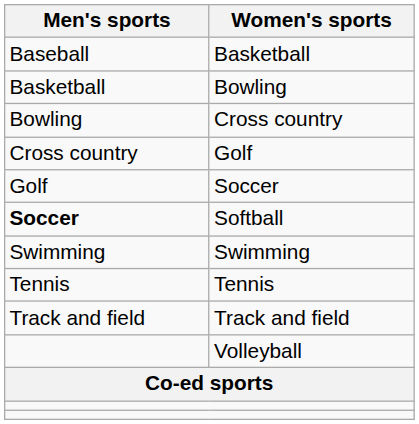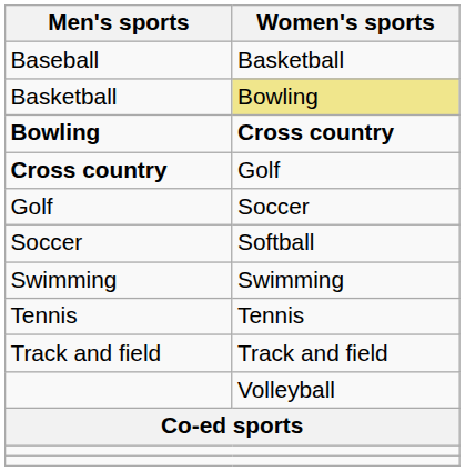 <table class="wikitable"; style= "text-align: ">
 <tr>
 <th width=150px>Men's sports</th>
 <th width=150px>Women's sports</th>
 </tr>
 <tr>
 <td>Baseball</td>
 <td>Basketball</td>
 </tr>
 <tr>
 <td>Basketball</td>
-<td>Bowling</td>
+<td style="background: khaki;">Bowling</td>
 </tr>
 <tr>
-<td>Bowling</td>
-<td>Cross country</td>
+<td><strong>Bowling</strong></td>
+<td><strong>Cross country</strong></td>
 </tr>
 <tr>
-<td>Cross country</td>
+<td><strong>Cross country</strong></td>
 <td>Golf</td>
 </tr>
 <tr>
 <td>Golf</td>
 <td>Soccer</td>
 </tr>
 <tr>
-<td><strong>Soccer</strong></td>
+<td>Soccer</td>
 <td>Softball</td>
 </tr>
 <tr>
 <td>Swimming</td>
 <td>Swimming</td>
 </tr>
 <tr>
 <td>Tennis</td>
 <td>Tennis</td>
 </tr>
 <tr>
 <td>Track and field</td>
 <td>Track and field</td>
 </tr>
 <tr>
 <td></td>
 <td>Volleyball</td>
 </tr>
 <tr>
 <th colspan=2>Co-ed sports</th>
 </tr>
 <tr>
 <td colspan=2></td>
 </tr>
 <tr>
 <td colspan=2></td>
 </tr>
 </table>
